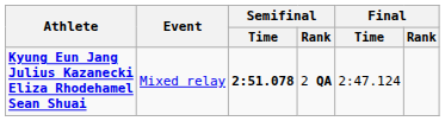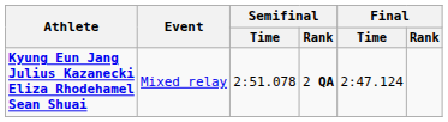 <table class="wikitable" style="font-size:90%">
 <tr>
 <th rowspan=2>Athlete</th>
 <th rowspan=2>Event</th>
 <th colspan=2>Semifinal</th>
 <th colspan=2>Final</th>
 </tr>
 <tr style="font-size:95%">
 <th>Time</th>
 <th>Rank</th>
 <th>Time</th>
 <th>Rank</th>
 </tr>
 <tr align=center>
 <td align=left><strong><a href='#'>Kyung Eun Jang</a><br><a href='#'>Julius Kazanecki</a><br><a href='#'>Eliza Rhodehamel</a><br><a href='#'>Sean Shuai</a></strong></td>
 <td align=left><a href='#'>Mixed relay</a></td>
-<td><strong>2:51.078</strong></td>
+<td>2:51.078</td>
 <td>2 <strong>QA</strong></td>
 <td>2:47.124</td>
 <td></td>
 </tr>
 </table>
